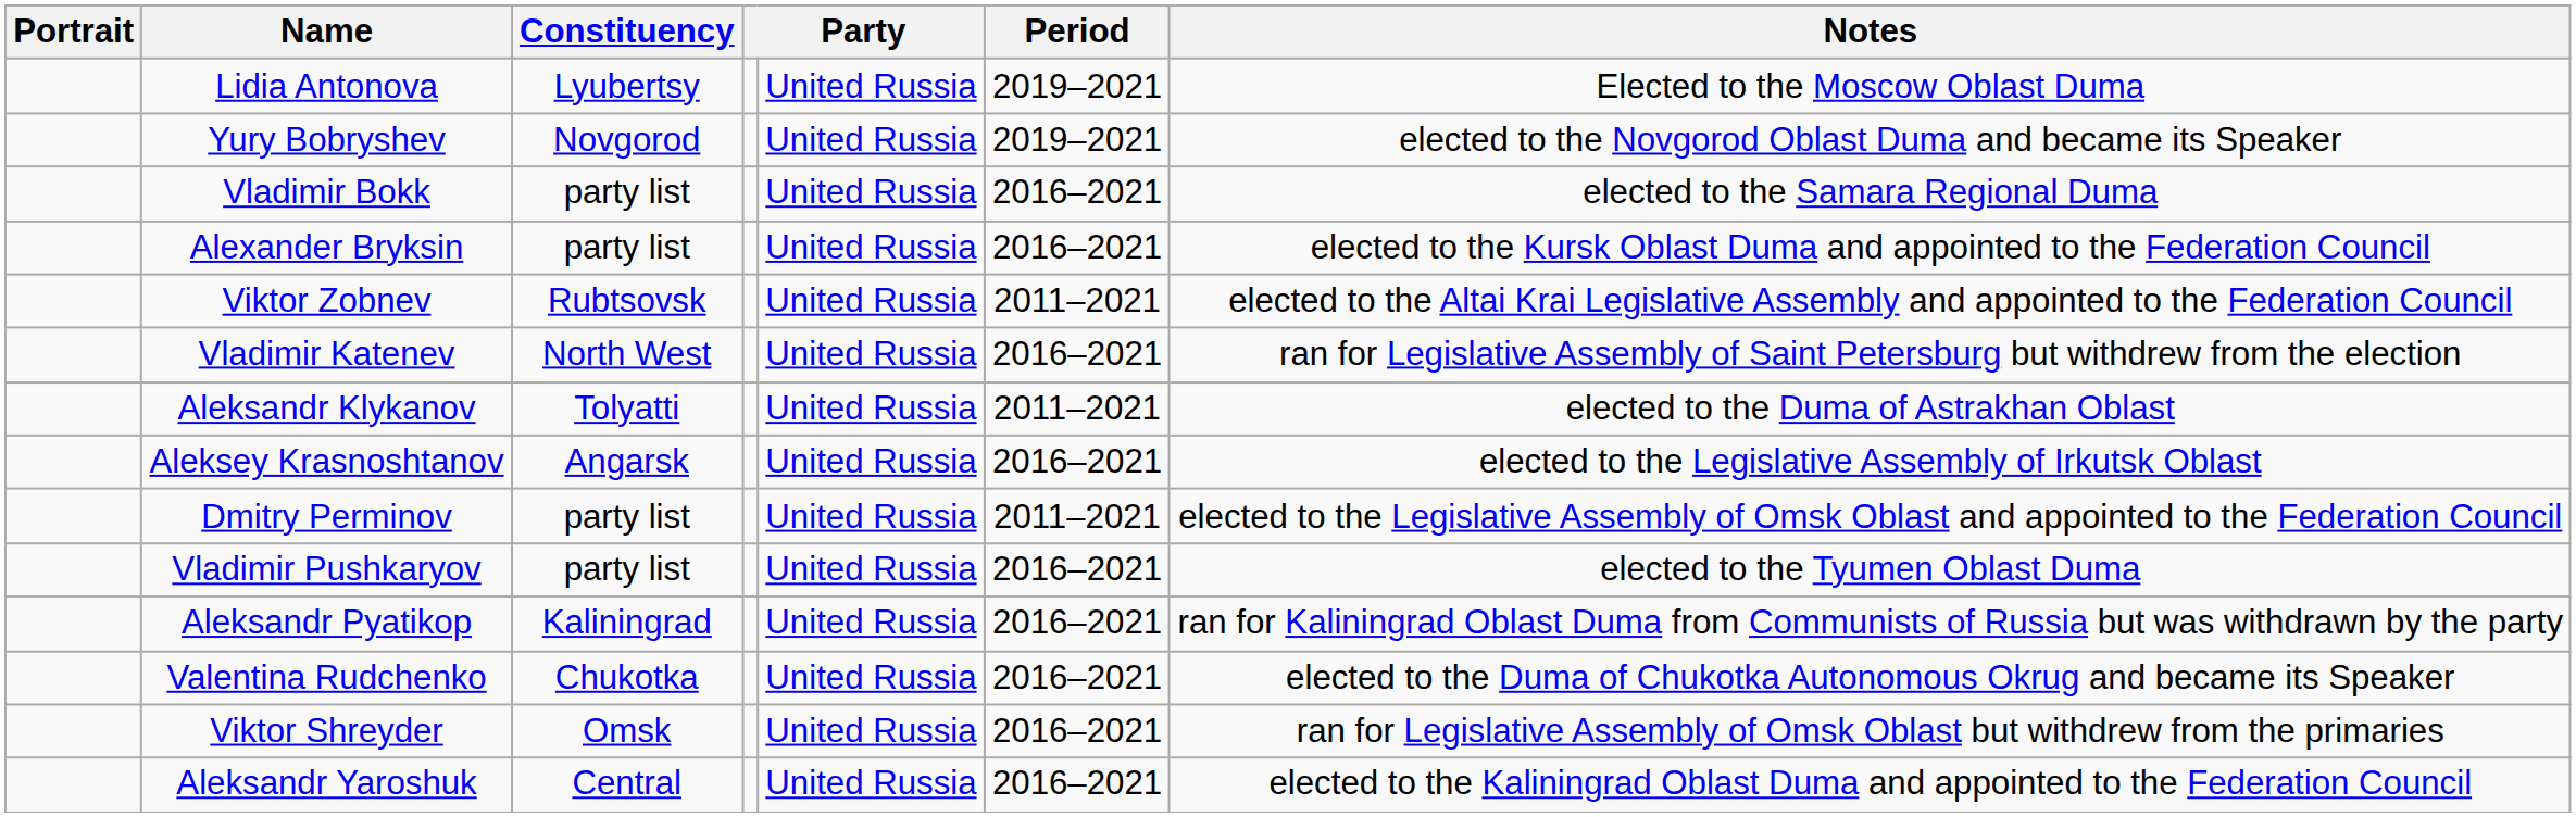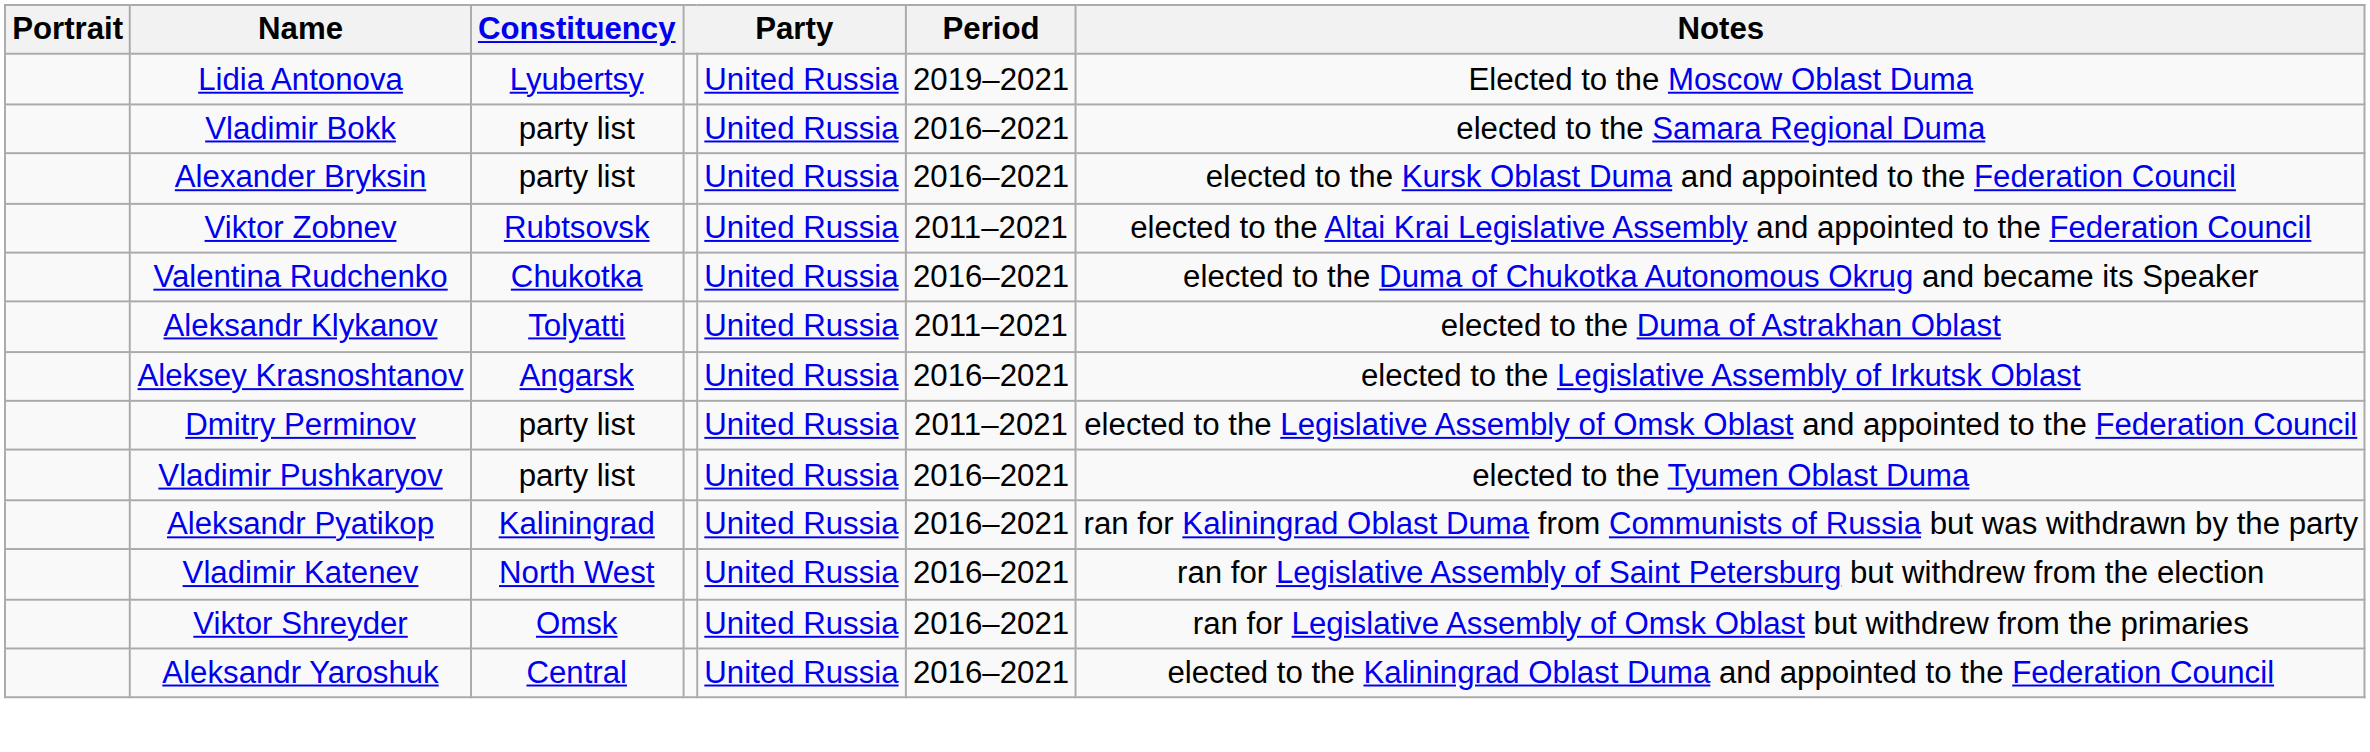 <table class="wikitable sortable">
 <tr>
 <th>Portrait</th>
 <th>Name</th>
 <th><a href='#'>Constituency</a></th>
 <th colspan=2>Party</th>
 <th>Period</th>
 <th>Notes</th>
 </tr>
 <tr align=center>
 <td></td>
 <td><a href='#'>Lidia Antonova</a></td>
 <td><a href='#'>Lyubertsy</a></td>
 <td style="background-color: "></td>
 <td><a href='#'>United Russia</a></td>
 <td>2019–2021</td>
 <td>Elected to the <a href='#'>Moscow Oblast Duma</a></td>
-</tr>
-<tr align=center>
-<td></td>
-<td><a href='#'>Yury Bobryshev</a></td>
-<td><a href='#'>Novgorod</a></td>
-<td style="background-color: "></td>
-<td><a href='#'>United Russia</a></td>
-<td>2019–2021</td>
-<td>elected to the <a href='#'>Novgorod Oblast Duma</a> and became its Speaker</td>
 </tr>
 <tr align=center>
 <td></td>
 <td><a href='#'>Vladimir Bokk</a></td>
 <td>party list</td>
 <td style="background-color: "></td>
 <td><a href='#'>United Russia</a></td>
 <td>2016–2021</td>
 <td>elected to the <a href='#'>Samara Regional Duma</a></td>
 </tr>
 <tr align=center>
 <td></td>
 <td><a href='#'>Alexander Bryksin</a></td>
 <td>party list</td>
 <td style="background-color: "></td>
 <td><a href='#'>United Russia</a></td>
 <td>2016–2021</td>
 <td>elected to the <a href='#'>Kursk Oblast Duma</a> and appointed to the <a href='#'>Federation Council</a></td>
 </tr>
 <tr align=center>
 <td></td>
 <td><a href='#'>Viktor Zobnev</a></td>
 <td><a href='#'>Rubtsovsk</a></td>
 <td style="background-color: "></td>
 <td><a href='#'>United Russia</a></td>
 <td>2011–2021</td>
 <td>elected to the <a href='#'>Altai Krai Legislative Assembly</a> and appointed to the <a href='#'>Federation Council</a></td>
 </tr>
 <tr align=center>
 <td></td>
-<td><a href='#'>Vladimir Katenev</a></td>
-<td><a href='#'>North West</a></td>
+<td><a href='#'>Valentina Rudchenko</a></td>
+<td><a href='#'>Chukotka</a></td>
 <td style="background-color: "></td>
 <td><a href='#'>United Russia</a></td>
 <td>2016–2021</td>
-<td>ran for <a href='#'>Legislative Assembly of Saint Petersburg</a> but withdrew from the election</td>
+<td>elected to the <a href='#'>Duma of Chukotka Autonomous Okrug</a> and became its Speaker</td>
 </tr>
 <tr align=center>
 <td></td>
 <td><a href='#'>Aleksandr Klykanov</a></td>
 <td><a href='#'>Tolyatti</a></td>
 <td style="background-color: "></td>
 <td><a href='#'>United Russia</a></td>
 <td>2011–2021</td>
 <td>elected to the <a href='#'>Duma of Astrakhan Oblast</a></td>
 </tr>
 <tr align=center>
 <td></td>
 <td><a href='#'>Aleksey Krasnoshtanov</a></td>
 <td><a href='#'>Angarsk</a></td>
 <td style="background-color: "></td>
 <td><a href='#'>United Russia</a></td>
 <td>2016–2021</td>
 <td>elected to the <a href='#'>Legislative Assembly of Irkutsk Oblast</a></td>
 </tr>
 <tr align=center>
 <td></td>
 <td><a href='#'>Dmitry Perminov</a></td>
 <td>party list</td>
 <td style="background-color: "></td>
 <td><a href='#'>United Russia</a></td>
 <td>2011–2021</td>
 <td>elected to the <a href='#'>Legislative Assembly of Omsk Oblast</a> and appointed to the <a href='#'>Federation Council</a></td>
 </tr>
 <tr align=center>
 <td></td>
 <td><a href='#'>Vladimir Pushkaryov</a></td>
 <td>party list</td>
 <td style="background-color: "></td>
 <td><a href='#'>United Russia</a></td>
 <td>2016–2021</td>
 <td>elected to the <a href='#'>Tyumen Oblast Duma</a></td>
 </tr>
 <tr align=center>
 <td></td>
 <td><a href='#'>Aleksandr Pyatikop</a></td>
 <td><a href='#'>Kaliningrad</a></td>
 <td style="background-color: "></td>
 <td><a href='#'>United Russia</a></td>
 <td>2016–2021</td>
 <td>ran for <a href='#'>Kaliningrad Oblast Duma</a> from <a href='#'>Communists of Russia</a> but was withdrawn by the party</td>
 </tr>
 <tr align=center>
 <td></td>
-<td><a href='#'>Valentina Rudchenko</a></td>
-<td><a href='#'>Chukotka</a></td>
+<td><a href='#'>Vladimir Katenev</a></td>
+<td><a href='#'>North West</a></td>
 <td style="background-color: "></td>
 <td><a href='#'>United Russia</a></td>
 <td>2016–2021</td>
-<td>elected to the <a href='#'>Duma of Chukotka Autonomous Okrug</a> and became its Speaker</td>
+<td>ran for <a href='#'>Legislative Assembly of Saint Petersburg</a> but withdrew from the election</td>
 </tr>
 <tr align=center>
 <td></td>
 <td><a href='#'>Viktor Shreyder</a></td>
 <td><a href='#'>Omsk</a></td>
 <td style="background-color: "></td>
 <td><a href='#'>United Russia</a></td>
 <td>2016–2021</td>
 <td>ran for <a href='#'>Legislative Assembly of Omsk Oblast</a> but withdrew from the primaries</td>
 </tr>
 <tr align=center>
 <td></td>
 <td><a href='#'>Aleksandr Yaroshuk</a></td>
 <td><a href='#'>Central</a></td>
 <td style="background-color: "></td>
 <td><a href='#'>United Russia</a></td>
 <td>2016–2021</td>
 <td>elected to the <a href='#'>Kaliningrad Oblast Duma</a> and appointed to the <a href='#'>Federation Council</a></td>
 </tr>
 </table>
